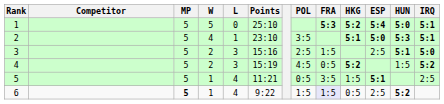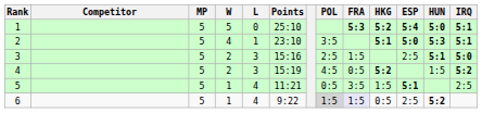 <table class="wikitable" style="text-align:center">
 <tr>
 <th>Rank</th>
 <th style="width:17em">Competitor</th>
 <th style="width:2.5em">MP</th>
 <th style="width:2.5em">W</th>
 <th style="width:2.5em">L</th>
 <th>Points</th>
 <th rowspan="7"> </th>
 <th style="width:2.5em">POL</th>
 <th style="width:2.5em">FRA</th>
 <th style="width:2.5em">HKG</th>
 <th style="width:2.5em">ESP</th>
 <th style="width:2.5em">HUN</th>
 <th style="width:2.5em">IRQ</th>
 </tr>
 <tr style="background:#cfc;">
 <td>1</td>
 <td style="text-align:left"></td>
 <td>5</td>
 <td>5</td>
 <td>0</td>
 <td>25:10</td>
 <td></td>
 <td><strong>5:3</strong></td>
 <td><strong>5:2</strong></td>
 <td><strong>5:4</strong></td>
 <td><strong>5:0</strong></td>
 <td><strong>5:1</strong></td>
 </tr>
 <tr style="background:#cfc;">
 <td>2</td>
 <td style="text-align:left"></td>
 <td>5</td>
 <td>4</td>
 <td>1</td>
 <td>23:10</td>
 <td>3:5</td>
 <td></td>
 <td><strong>5:1</strong></td>
 <td><strong>5:0</strong></td>
 <td><strong>5:3</strong></td>
 <td><strong>5:1</strong></td>
 </tr>
 <tr style="background:#cfc;">
 <td>3</td>
 <td style="text-align:left"></td>
 <td>5</td>
 <td>2</td>
 <td>3</td>
 <td>15:16</td>
 <td>2:5</td>
 <td>1:5</td>
 <td></td>
 <td>2:5</td>
 <td><strong>5:1</strong></td>
 <td><strong>5:0</strong></td>
 </tr>
 <tr style="background:#cfc;">
 <td>4</td>
 <td style="text-align:left"></td>
 <td>5</td>
 <td>2</td>
 <td>3</td>
 <td>15:19</td>
 <td>4:5</td>
 <td>0:5</td>
 <td><strong>5:2</strong></td>
 <td></td>
 <td>1:5</td>
 <td><strong>5:2</strong></td>
 </tr>
 <tr style="background:#cfc;">
 <td>5</td>
 <td style="text-align:left"></td>
 <td>5</td>
 <td>1</td>
 <td>4</td>
 <td>11:21</td>
 <td>0:5</td>
 <td>3:5</td>
 <td>1:5</td>
 <td><strong>5:1</strong></td>
 <td></td>
 <td>2:5</td>
 </tr>
 <tr>
 <td>6</td>
 <td style="text-align:left"></td>
-<td><strong>5</strong></td>
+<td>5</td>
 <td>1</td>
 <td>4</td>
 <td>9:22</td>
-<td>1:5</td>
+<td style="background: lightgrey;">1:5</td>
 <td style="background: lavender;">1:5</td>
 <td>0:5</td>
 <td>2:5</td>
 <td><strong>5:2</strong></td>
 <td></td>
 </tr>
 </table>
